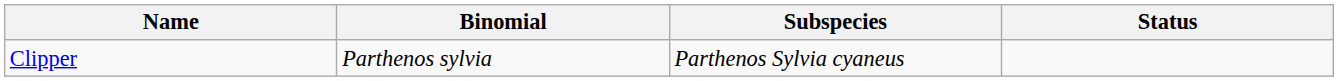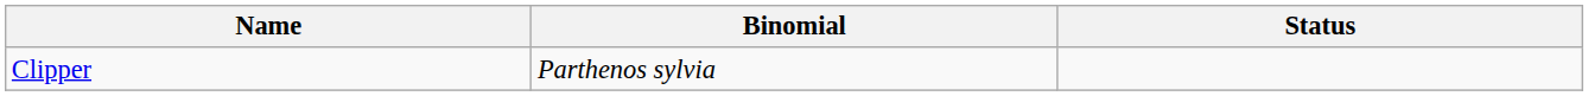 <table width=60% class="wikitable">
 <tr>
 <th width=20%>Name</th>
 <th width=20%>Binomial</th>
-<th width=20%>Subspecies</th>
 <th width=20%>Status</th>
 </tr>
 <tr>
 <td><a href='#'>Clipper</a><br> </td>
 <td><em>Parthenos sylvia</em></td>
-<td><em>Parthenos Sylvia cyaneus</em></td>
 <td></td>
 </tr>
 </table>
